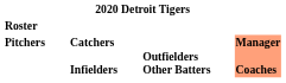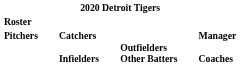 <table class="toccolours" style="font-size: 95%;">
 <tr>
 <th colspan="10">2020 Detroit Tigers</th>
 </tr>
 <tr>
 <td colspan="10"><strong>Roster</strong></td>
 </tr>
 <tr>
 <td valign="top"><strong>Pitchers</strong><br>                     </td>
 <td width="25px"></td>
 <td valign="top"><strong>Catchers</strong><br>  <br><strong>Infielders</strong>          </td>
 <td width="25px"></td>
 <td valign="top"><br><strong>Outfielders</strong>         <br><strong>Other Batters</strong> </td>
 <td width="25px"></td>
-<td valign="top" style="background: lightsalmon;"><strong>Manager</strong><br> <br><strong>Coaches</strong>                     </td>
+<td valign="top"><strong>Manager</strong><br> <br><strong>Coaches</strong>                     </td>
 </tr>
 </table>
